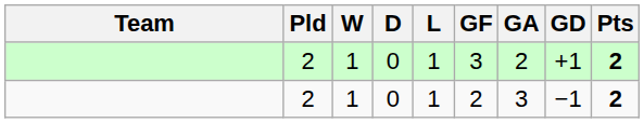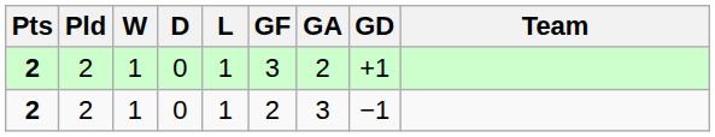 <table class="wikitable" style="text-align:center;">
 <tr>
-<th width=180>Team</th>
+<th width=20>Pts</th>
 <th width=20>Pld</th>
 <th width=20>W</th>
 <th width=20>D</th>
 <th width=20>L</th>
 <th width=20>GF</th>
 <th width=20>GA</th>
 <th width=20>GD</th>
-<th width=20>Pts</th>
+<th width=180>Team</th>
 </tr>
 <tr bgcolor="ccffcc">
-<td align="left"></td>
+<td><strong>2</strong></td>
 <td>2</td>
 <td>1</td>
 <td>0</td>
 <td>1</td>
 <td>3</td>
 <td>2</td>
 <td>+1</td>
-<td><strong>2</strong></td>
+<td align="left"></td>
 </tr>
 <tr>
-<td align="left"></td>
+<td><strong>2</strong></td>
 <td>2</td>
 <td>1</td>
 <td>0</td>
 <td>1</td>
 <td>2</td>
 <td>3</td>
 <td>−1</td>
-<td><strong>2</strong></td>
+<td align="left"></td>
 </tr>
 </table>
